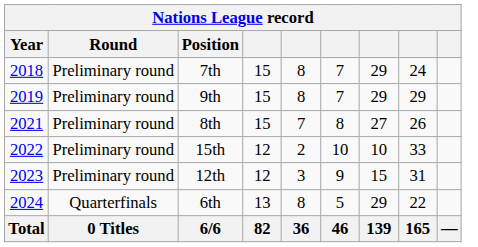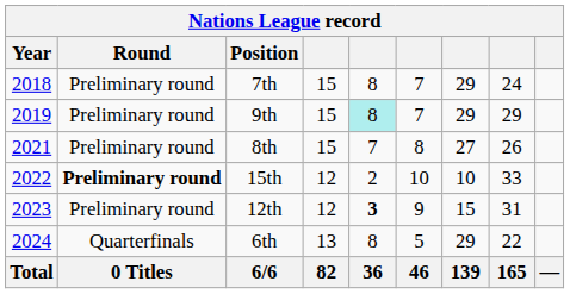 <table class="wikitable" style="text-align: center;">
 <tr>
 <th colspan=9><a href='#'>Nations League</a> record</th>
 </tr>
 <tr>
 <th>Year</th>
 <th>Round</th>
 <th>Position</th>
 <th width=30></th>
 <th width=30></th>
 <th width=30></th>
 <th width=30></th>
 <th width=30></th>
 <th></th>
 </tr>
 <tr>
 <td> <a href='#'>2018</a></td>
 <td>Preliminary round</td>
 <td>7th</td>
 <td>15</td>
 <td>8</td>
 <td>7</td>
 <td>29</td>
 <td>24</td>
 <td></td>
 </tr>
 <tr>
 <td> <a href='#'>2019</a></td>
 <td>Preliminary round</td>
 <td>9th</td>
 <td>15</td>
-<td>8</td>
+<td style="background: paleturquoise;">8</td>
 <td>7</td>
 <td>29</td>
 <td>29</td>
 <td></td>
 </tr>
 <tr>
 <td> <a href='#'>2021</a></td>
 <td>Preliminary round</td>
 <td>8th</td>
 <td>15</td>
 <td>7</td>
 <td>8</td>
 <td>27</td>
 <td>26</td>
 <td></td>
 </tr>
 <tr>
 <td> <a href='#'>2022</a></td>
-<td>Preliminary round</td>
+<td><strong>Preliminary round</strong></td>
 <td>15th</td>
 <td>12</td>
 <td>2</td>
 <td>10</td>
 <td>10</td>
 <td>33</td>
 <td></td>
 </tr>
 <tr>
 <td> <a href='#'>2023</a></td>
 <td>Preliminary round</td>
 <td>12th</td>
 <td>12</td>
-<td>3</td>
+<td><strong>3</strong></td>
 <td>9</td>
 <td>15</td>
 <td>31</td>
 <td></td>
 </tr>
 <tr>
 <td> <a href='#'>2024</a></td>
 <td>Quarterfinals</td>
 <td>6th</td>
 <td>13</td>
 <td>8</td>
 <td>5</td>
 <td>29</td>
 <td>22</td>
 <td></td>
 </tr>
 <tr>
 <th>Total</th>
 <th>0 Titles</th>
 <th>6/6</th>
 <th>82</th>
 <th>36</th>
 <th>46</th>
 <th>139</th>
 <th>165</th>
 <th>—</th>
 </tr>
 </table>
